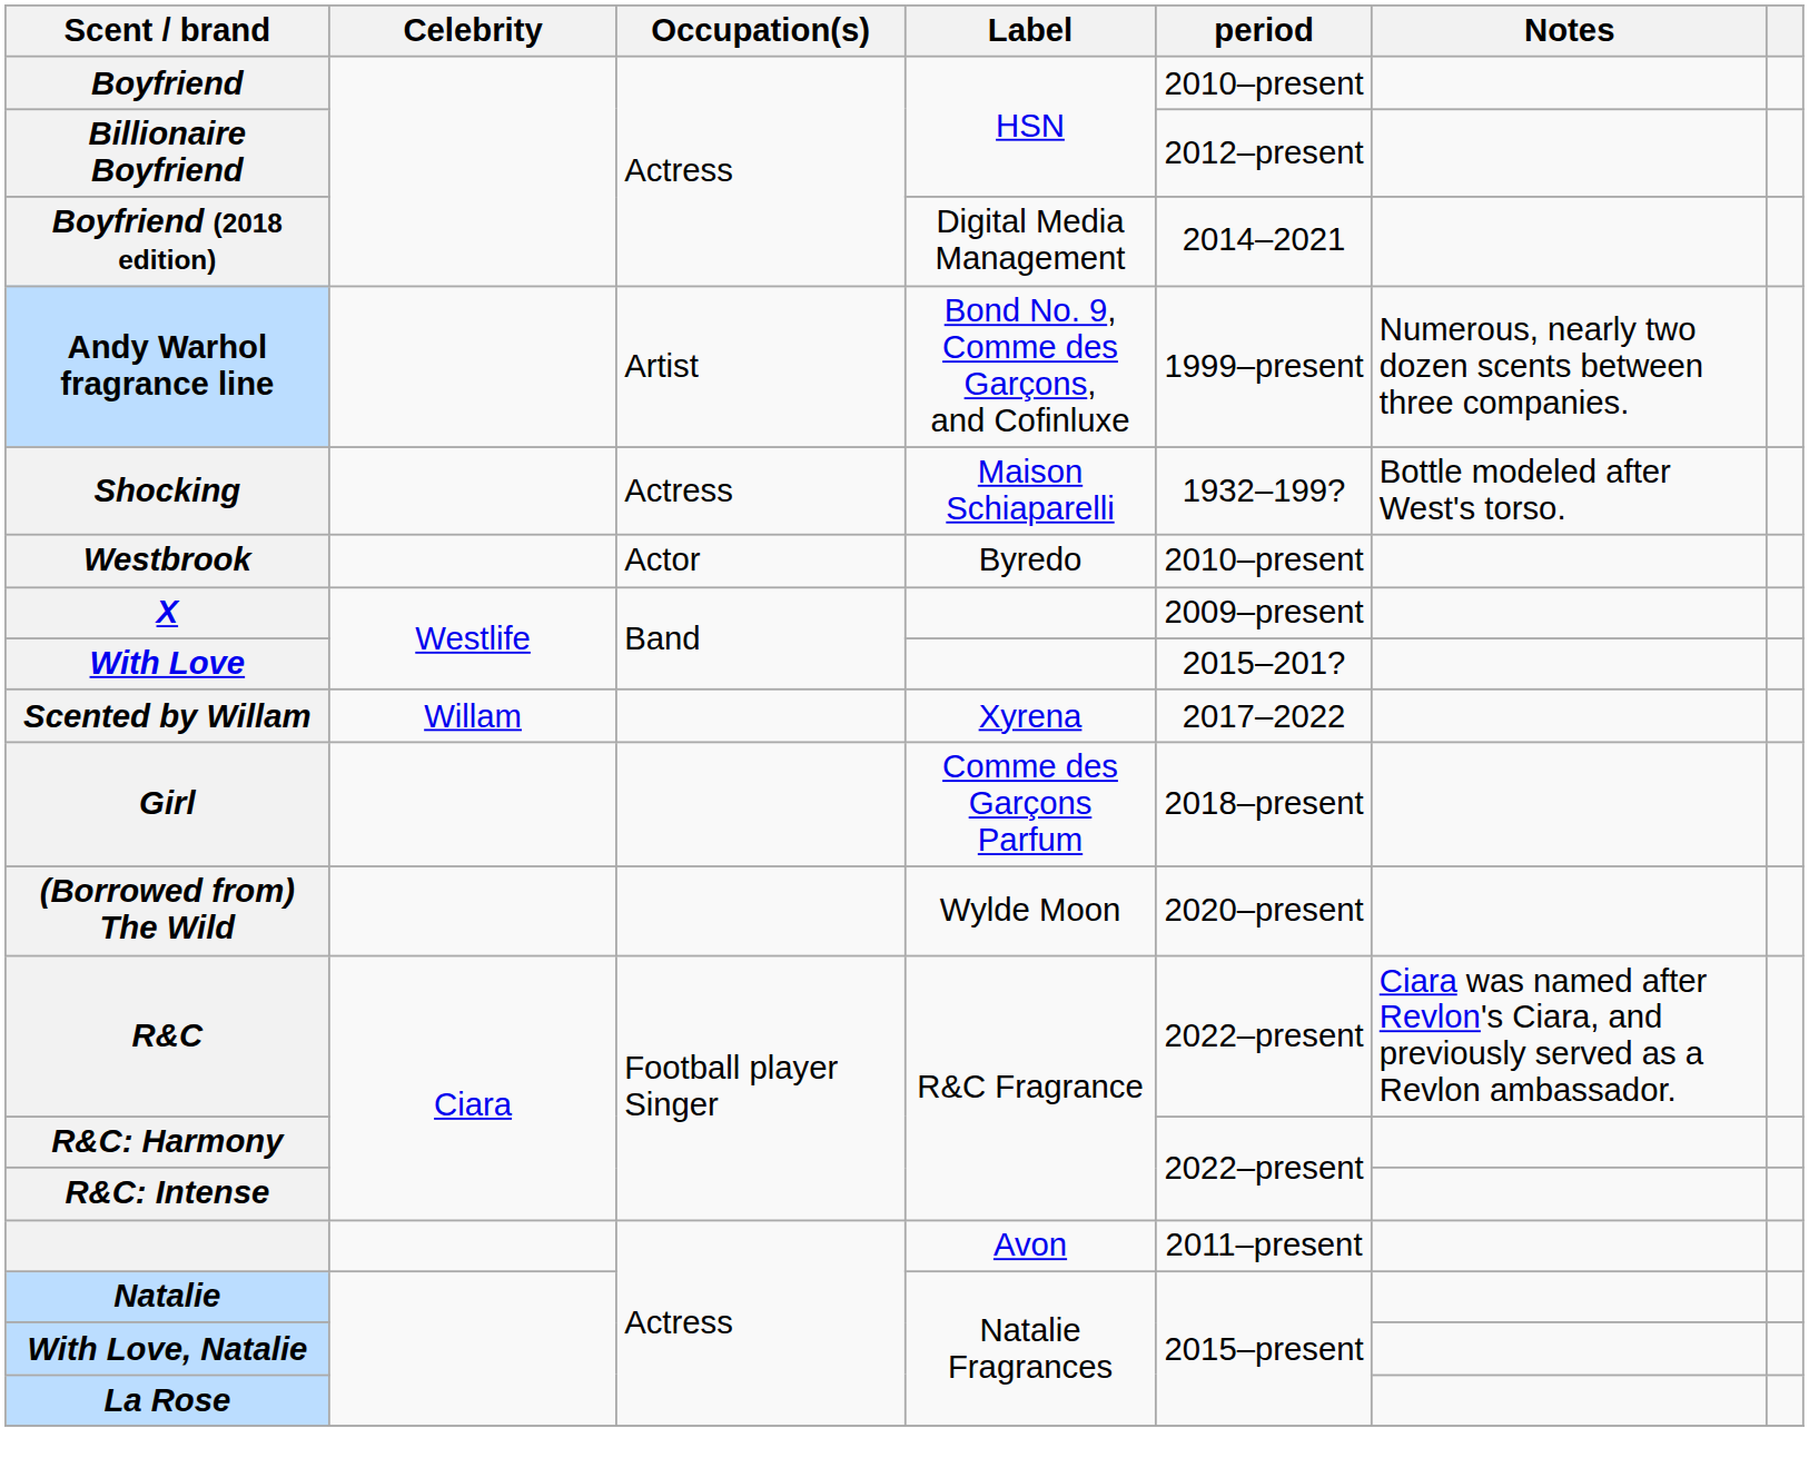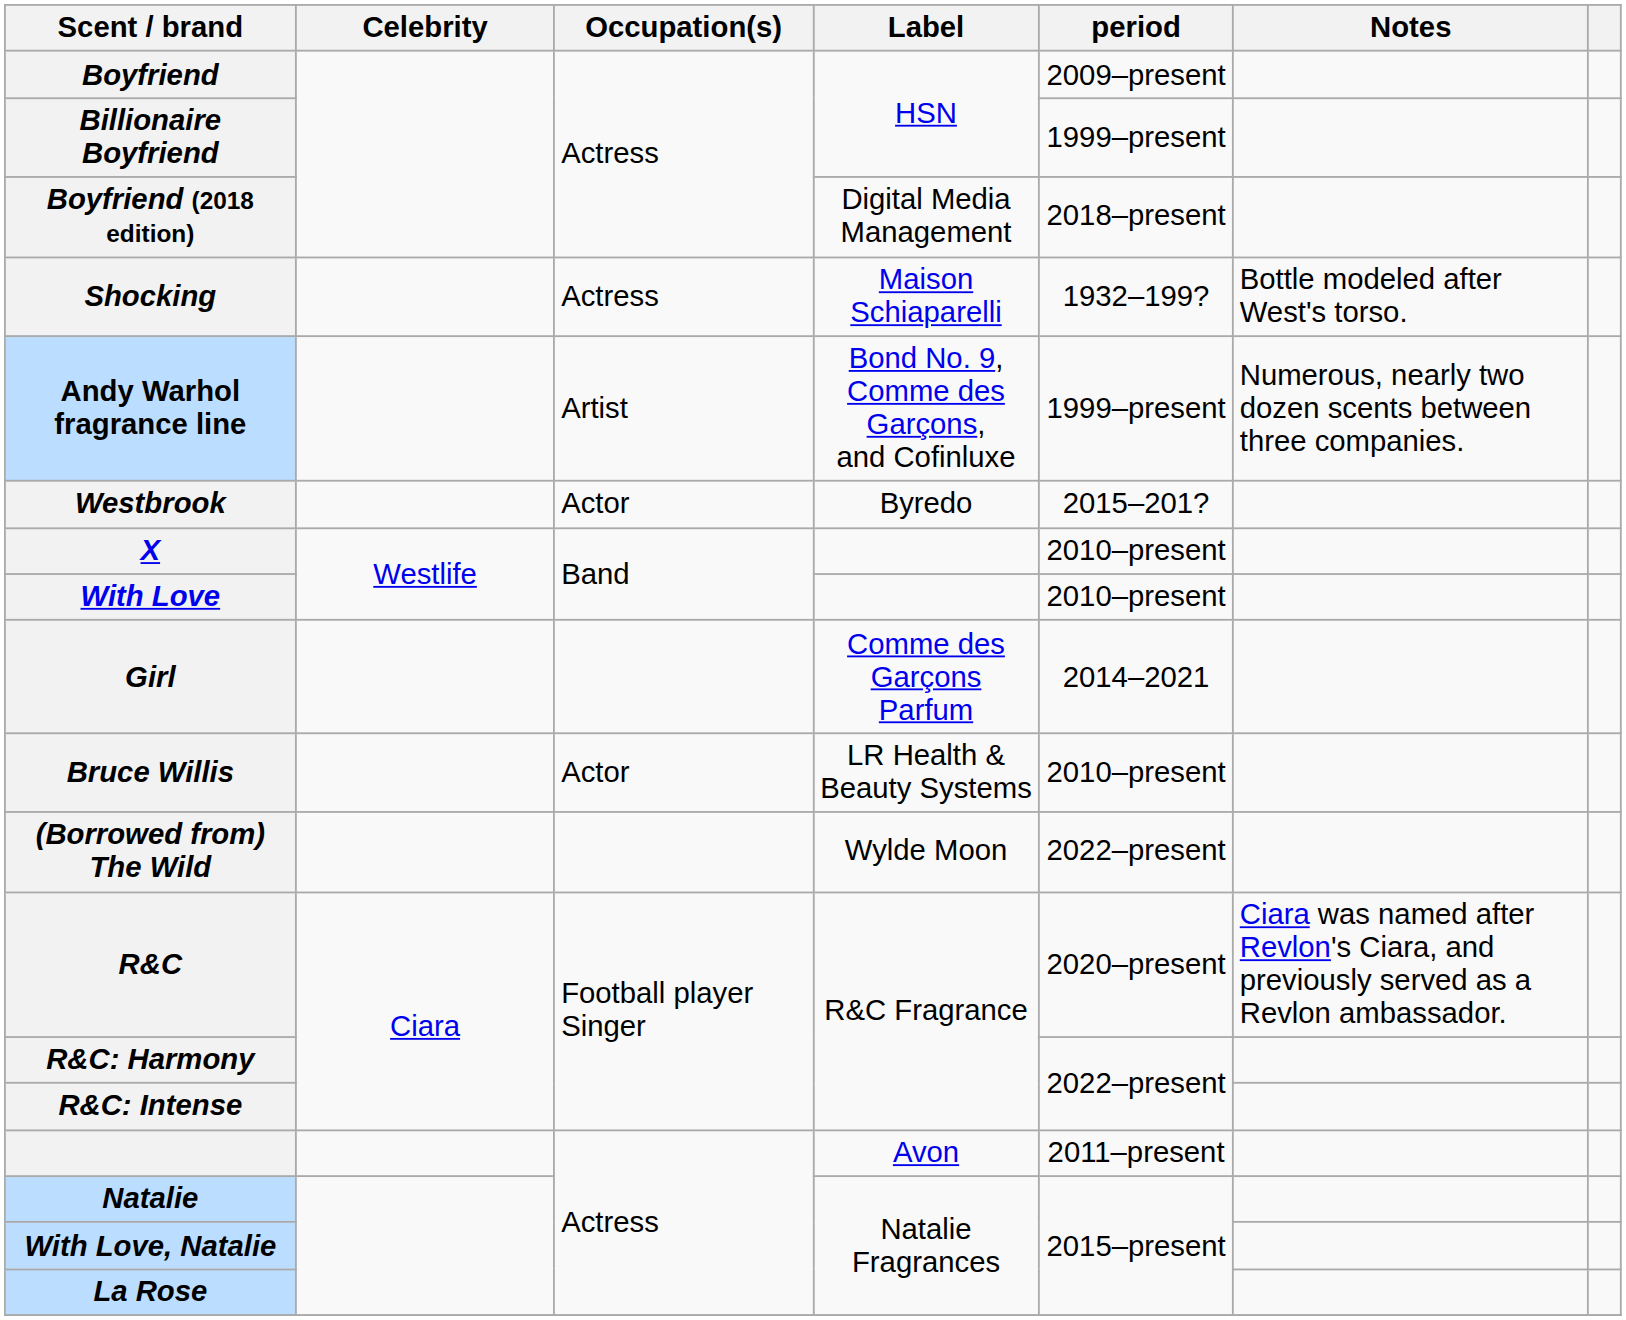 <table class="wikitable sortable plainrowheaders" font-size:95%; style="text-align:center;" width="100%;">
 <tr>
 <th scope="col" width="18%">Scent / brand</th>
 <th scope="col" width:"16%">Celebrity</th>
 <th scope="col" width="16%">Occupation(s)</th>
 <th scope="col" width="14%">Label</th>
 <th scope="col" width="12%"> period</th>
 <th scope="col" width="22%;" class="unsortable">Notes</th>
 <th scope="col" width="2%;" class="unsortable"></th>
 </tr>
 <tr>
 <th scope="row"><em>Boyfriend</em></th>
 <td rowspan="3"></td>
 <td rowspan="3" style="text-align:left;">Actress</td>
 <td rowspan="2"><a href='#'>HSN</a></td>
-<td>2010–present</td>
+<td>2009–present</td>
 <td></td>
 <td></td>
 </tr>
 <tr>
 <th scope="row"><em>Billionaire Boyfriend</em></th>
-<td>2012–present</td>
+<td>1999–present</td>
 <td></td>
 <td></td>
 </tr>
 <tr>
 <th scope="row"><em>Boyfriend</em> <small>(2018 edition)</small></th>
 <td>Digital Media Management</td>
-<td>2014–2021</td>
+<td>2018–present</td>
 <td></td>
+<td></td>
+</tr>
+<tr>
+<th scope="row"><em>Shocking</em></th>
+<td></td>
+<td style="text-align:left;">Actress</td>
+<td><a href='#'>Maison Schiaparelli</a></td>
+<td>1932–199?</td>
+<td style="text-align:left;">Bottle modeled after West's torso.</td>
 <td></td>
 </tr>
 <tr>
 <th style="background:#bdf;" scope="row">Andy Warhol fragrance line</th>
 <td></td>
 <td style="text-align:left;">Artist</td>
 <td><a href='#'>Bond No. 9</a>,<br><a href='#'>Comme des Garçons</a>,<br>and Cofinluxe</td>
 <td>1999–present</td>
 <td style="text-align:left;">Numerous, nearly two dozen scents between three companies.</td>
 <td></td>
 </tr>
 <tr>
-<th scope="row"><em>Shocking</em></th>
-<td></td>
-<td style="text-align:left;">Actress</td>
-<td><a href='#'>Maison Schiaparelli</a></td>
-<td>1932–199?</td>
-<td style="text-align:left;">Bottle modeled after West's torso.</td>
-<td></td>
-</tr>
-<tr>
 <th scope="row"><em>Westbrook</em></th>
 <td></td>
 <td style="text-align:left;">Actor</td>
 <td>Byredo</td>
-<td>2010–present</td>
+<td>2015–201?</td>
 <td></td>
 <td></td>
 </tr>
 <tr>
 <th scope="row"><em><a href='#'>X</a></em></th>
 <td rowspan="2"><a href='#'>Westlife</a></td>
 <td rowspan="2" style="text-align:left;">Band</td>
 <td></td>
-<td>2009–present</td>
+<td>2010–present</td>
 <td></td>
 <td></td>
 </tr>
 <tr>
 <th scope="row"><em><a href='#'>With Love</a></em></th>
 <td></td>
-<td>2015–201?</td>
-<td></td>
-<td></td>
-</tr>
-<tr>
-<th scope="row"><em>Scented by Willam</em></th>
-<td><a href='#'>Willam</a></td>
-<td></td>
-<td><a href='#'>Xyrena</a></td>
-<td>2017–2022</td>
+<td>2010–present</td>
 <td></td>
 <td></td>
 </tr>
 <tr>
 <th scope="row"><em>Girl</em></th>
 <td></td>
 <td></td>
 <td><a href='#'>Comme des Garçons Parfum</a></td>
-<td>2018–present</td>
+<td>2014–2021</td>
+<td></td>
+<td></td>
+</tr>
+<tr>
+<th scope="row"><em>Bruce Willis</em></th>
+<td></td>
+<td style="text-align:left;">Actor</td>
+<td>LR Health & Beauty Systems</td>
+<td>2010–present</td>
 <td></td>
 <td></td>
 </tr>
 <tr>
 <th scope="row"><em>(Borrowed from) The Wild</em></th>
 <td></td>
 <td></td>
 <td>Wylde Moon</td>
-<td>2020–present</td>
+<td>2022–present</td>
 <td></td>
 <td></td>
 </tr>
 <tr>
 <th scope="row"><em>R&C</em></th>
 <td rowspan="3"><br><a href='#'>Ciara</a></td>
 <td rowspan="3" style="text-align:left;">Football player<br>Singer</td>
 <td rowspan="3">R&C Fragrance</td>
-<td>2022–present</td>
+<td>2020–present</td>
 <td style="text-align:left;"><a href='#'>Ciara</a> was named after <a href='#'>Revlon</a>'s Ciara, and previously served as a Revlon ambassador.</td>
 <td></td>
 </tr>
 <tr>
 <th scope="row"><em>R&C: Harmony</em></th>
 <td rowspan="2">2022–present</td>
 <td></td>
 <td></td>
 </tr>
 <tr>
 <th scope="row"><em>R&C: Intense</em></th>
 <td></td>
 <td></td>
 </tr>
 <tr>
 <th scope="row"></th>
 <td></td>
 <td rowspan="4" style="text-align:left;">Actress</td>
 <td><a href='#'>Avon</a></td>
 <td>2011–present</td>
 <td></td>
 <td></td>
 </tr>
 <tr>
 <th style="background:#bdf;" scope="row"><em>Natalie</em></th>
 <td rowspan="3"></td>
 <td rowspan="3">Natalie Fragrances</td>
 <td rowspan="3">2015–present</td>
 <td></td>
 <td></td>
 </tr>
 <tr>
 <th style="background:#bdf;" scope="row"><em>With Love, Natalie</em></th>
 <td></td>
 <td></td>
 </tr>
 <tr>
 <th style="background:#bdf;" scope="row"><em>La Rose</em></th>
 <td></td>
 <td></td>
 </tr>
 <tr>
 </tr>
 </table>
